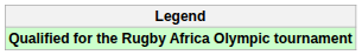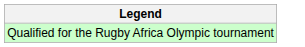 <table class="wikitable">
 <tr>
 <th>Legend</th>
 </tr>
 <tr bgcolor=ccffcc>
-<td><strong>Qualified for the Rugby Africa Olympic tournament</strong></td>
+<td>Qualified for the Rugby Africa Olympic tournament</td>
 </tr>
 </table>
